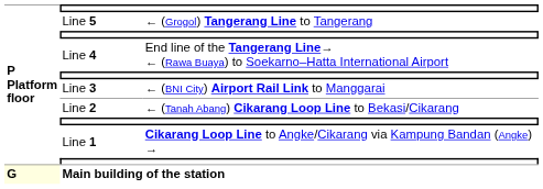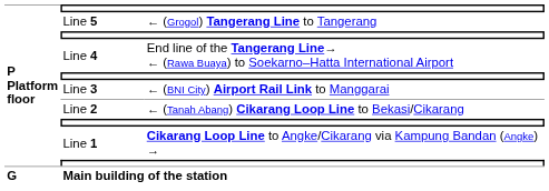 <table border="0" cellspacing="0" cellpadding="3" table>
 <tr>
 <td rowspan="10" style="border-top:solid 1px gray;"><strong>P</strong><br><strong>Platform floor</strong></td>
 <td colspan="2" style="border-top:solid 2px black; border-bottom:solid 2px black; border-right:solid 2px black; border-left:solid 2px black; text-align:center"></td>
 </tr>
 <tr>
 <td width="100">Line <strong>5</strong></td>
 <td width="500">← (<a href='#'><small>Grogol</small></a>)  <a href='#'><strong>Tangerang Line</strong></a> to <a href='#'>Tangerang</a></td>
 </tr>
 <tr>
 <td colspan="2" style="border-top:solid 2px black; border-bottom:solid 2px black; border-right:solid 2px black; border-left:solid 2px black; text-align:center"></td>
 </tr>
 <tr>
 <td width="100">Line <strong>4</strong></td>
 <td width="500">End line of the  <strong><a href='#'>Tangerang Line</a></strong>→<br>← (<a href='#'><small>Rawa Buaya</small></a>)  to <a href='#'>Soekarno–Hatta International Airport</a></td>
 </tr>
 <tr>
 <td colspan="2" style="border-top:solid 2px black; border-bottom:solid 2px black; border-right:solid 2px black; border-left:solid 2px black; text-align:center"></td>
 </tr>
 <tr>
 <td width="100">Line <strong>3</strong></td>
 <td width="500">← (<a href='#'><small>BNI City</small></a>)  <a href='#'><strong>Airport Rail Link</strong></a> to <a href='#'>Manggarai</a></td>
 </tr>
 <tr>
 <td width="100" style="border-top:solid 1px gray" ;>Line <strong>2</strong></td>
 <td width="500" style="border-top:solid 1px gray" ;>← (<a href='#'><small>Tanah Abang</small></a>)  <a href='#'><strong>Cikarang Loop Line</strong></a> to <a href='#'>Bekasi</a>/<a href='#'>Cikarang</a></td>
 </tr>
 <tr>
 <td colspan="2" style="border-top:solid 2px black; border-bottom:solid 2px black; border-right:solid 2px black; border-left:solid 2px black; text-align:center"></td>
 </tr>
 <tr>
 <td width="100">Line <strong>1</strong></td>
 <td width="500"> <a href='#'><strong>Cikarang Loop Line</strong></a> to <a href='#'>Angke</a>/<a href='#'>Cikarang</a> via <a href='#'>Kampung Bandan</a> (<small><a href='#'>Angke</a></small>) →</td>
 </tr>
 <tr>
 <td colspan="2" style="border-top:solid 2px black; border-right:solid 2px black; border-left:solid 2px black; text-align:center"></td>
 </tr>
 <tr>
-<td style="background: lightyellow; border-top:solid 1px gray;vertical-align:top;" width="50"><strong>G</strong></td>
+<td style="border-top:solid 1px gray;vertical-align:top;" width="50"><strong>G</strong></td>
 <td colspan="2" style="border-top:solid 1px gray;vertical-align:top;" width="600"><strong>Main building of the station</strong></td>
 </tr>
 </table>
